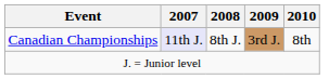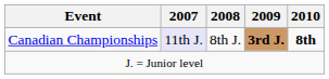 <table class="wikitable" style="text-align:center">
 <tr>
 <th>Event</th>
 <th>2007</th>
 <th>2008</th>
 <th>2009</th>
 <th>2010</th>
 </tr>
 <tr>
 <td align=left><a href='#'>Canadian Championships</a></td>
 <td style="background: lavender;">11th J.</td>
 <td>8th J.</td>
-<td bgcolor=cc9966>3rd J.</td>
-<td>8th</td>
+<td bgcolor=cc9966><strong>3rd J.</strong></td>
+<td><strong>8th</strong></td>
 </tr>
 <tr>
 <td colspan=5 align=center><small> J. = Junior level </small></td>
 </tr>
 </table>
